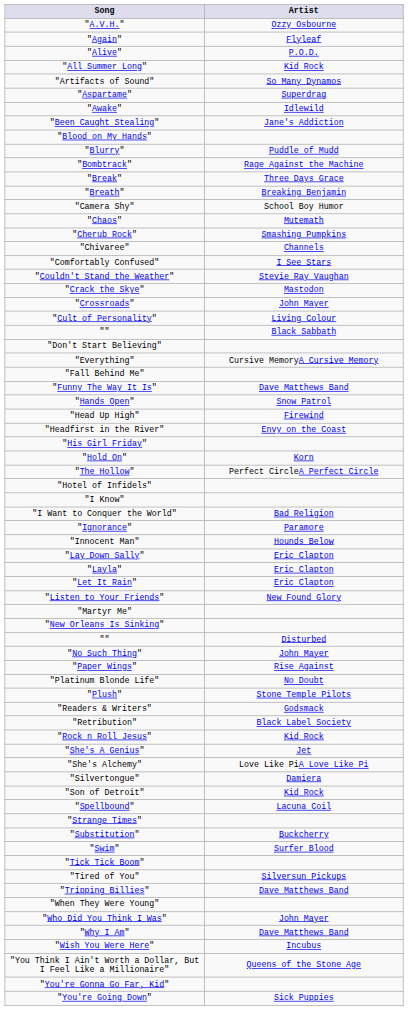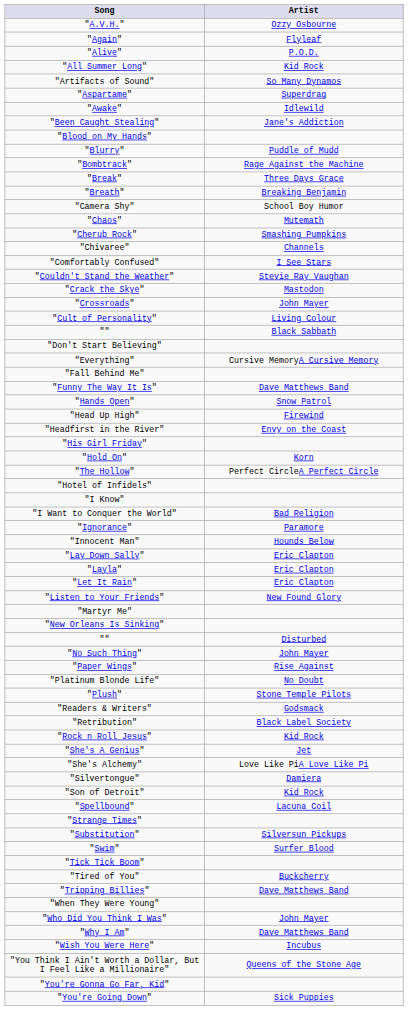 <table class="wikitable sortable" style="font-size:90%; text-align:center; margin: 5px;">
 <tr>
 <th style="background:#dde; width:275px;">Song</th>
 <th style="background:#dde; width:275px;">Artist</th>
 </tr>
 <tr>
 <td>"<a href='#'>A.V.H.</a>"</td>
 <td><a href='#'>Ozzy Osbourne</a></td>
 </tr>
 <tr>
 <td>"<a href='#'>Again</a>"</td>
 <td><a href='#'>Flyleaf</a></td>
 </tr>
 <tr>
 <td>"<a href='#'>Alive</a>"</td>
 <td><a href='#'>P.O.D.</a></td>
 </tr>
 <tr>
 <td>"<a href='#'>All Summer Long</a>"</td>
 <td><a href='#'>Kid Rock</a></td>
 </tr>
 <tr>
 <td>"Artifacts of Sound"</td>
 <td><a href='#'>So Many Dynamos</a></td>
 </tr>
 <tr>
 <td>"<a href='#'>Aspartame</a>"</td>
 <td><a href='#'>Superdrag</a></td>
 </tr>
 <tr>
 <td>"<a href='#'>Awake</a>"</td>
 <td><a href='#'>Idlewild</a></td>
 </tr>
 <tr>
 <td>"<a href='#'>Been Caught Stealing</a>"</td>
 <td><a href='#'>Jane's Addiction</a></td>
 </tr>
 <tr>
 <td>"<a href='#'>Blood on My Hands</a>"</td>
 <td></td>
 </tr>
 <tr>
 <td>"<a href='#'>Blurry</a>"</td>
 <td><a href='#'>Puddle of Mudd</a></td>
 </tr>
 <tr>
 <td>"<a href='#'>Bombtrack</a>"</td>
 <td><a href='#'>Rage Against the Machine</a></td>
 </tr>
 <tr>
 <td>"<a href='#'>Break</a>"</td>
 <td><a href='#'>Three Days Grace</a></td>
 </tr>
 <tr>
 <td>"<a href='#'>Breath</a>"</td>
 <td><a href='#'>Breaking Benjamin</a></td>
 </tr>
 <tr>
 <td>"Camera Shy"</td>
 <td>School Boy Humor</td>
 </tr>
 <tr>
 <td>"<a href='#'>Chaos</a>"</td>
 <td><a href='#'>Mutemath</a></td>
 </tr>
 <tr>
 <td>"<a href='#'>Cherub Rock</a>"</td>
 <td><a href='#'>Smashing Pumpkins</a></td>
 </tr>
 <tr>
 <td>"Chivaree"</td>
 <td><a href='#'>Channels</a></td>
 </tr>
 <tr>
 <td>"Comfortably Confused"</td>
 <td><a href='#'>I See Stars</a></td>
 </tr>
 <tr>
 <td>"<a href='#'>Couldn't Stand the Weather</a>"</td>
 <td><a href='#'>Stevie Ray Vaughan</a></td>
 </tr>
 <tr>
 <td>"<a href='#'>Crack the Skye</a>"</td>
 <td><a href='#'>Mastodon</a></td>
 </tr>
 <tr>
 <td>"<a href='#'>Crossroads</a>"</td>
 <td><a href='#'>John Mayer</a></td>
 </tr>
 <tr>
 <td>"<a href='#'>Cult of Personality</a>"</td>
 <td><a href='#'>Living Colour</a></td>
 </tr>
 <tr>
 <td>""</td>
 <td><a href='#'>Black Sabbath</a></td>
 </tr>
 <tr>
 <td>"Don't Start Believing"</td>
 <td></td>
 </tr>
 <tr>
 <td>"Everything"</td>
 <td><span>Cursive Memory</span><a href='#'>A Cursive Memory</a></td>
 </tr>
 <tr>
 <td>"Fall Behind Me"</td>
 <td></td>
 </tr>
 <tr>
 <td>"<a href='#'>Funny The Way It Is</a>"</td>
 <td><a href='#'>Dave Matthews Band</a></td>
 </tr>
 <tr>
 <td>"<a href='#'>Hands Open</a>"</td>
 <td><a href='#'>Snow Patrol</a></td>
 </tr>
 <tr>
 <td>"Head Up High"</td>
 <td><a href='#'>Firewind</a></td>
 </tr>
 <tr>
 <td>"Headfirst in the River"</td>
 <td><a href='#'>Envy on the Coast</a></td>
 </tr>
 <tr>
 <td>"<a href='#'>His Girl Friday</a>"</td>
 <td></td>
 </tr>
 <tr>
 <td>"<a href='#'>Hold On</a>"</td>
 <td><a href='#'>Korn</a></td>
 </tr>
 <tr>
 <td>"<a href='#'>The Hollow</a>"</td>
 <td><span>Perfect Circle</span><a href='#'>A Perfect Circle</a></td>
 </tr>
 <tr>
 <td>"Hotel of Infidels"</td>
 <td></td>
 </tr>
 <tr>
 <td>"I Know"</td>
 <td></td>
 </tr>
 <tr>
 <td>"I Want to Conquer the World"</td>
 <td><a href='#'>Bad Religion</a></td>
 </tr>
 <tr>
 <td>"<a href='#'>Ignorance</a>"</td>
 <td><a href='#'>Paramore</a></td>
 </tr>
 <tr>
 <td>"Innocent Man"</td>
 <td><a href='#'>Hounds Below</a></td>
 </tr>
 <tr>
 <td>"<a href='#'>Lay Down Sally</a>"</td>
 <td><a href='#'>Eric Clapton</a></td>
 </tr>
 <tr>
 <td>"<a href='#'>Layla</a>"</td>
 <td><a href='#'>Eric Clapton</a></td>
 </tr>
 <tr>
 <td>"<a href='#'>Let It Rain</a>"</td>
 <td><a href='#'>Eric Clapton</a></td>
 </tr>
 <tr>
 <td>"<a href='#'>Listen to Your Friends</a>"</td>
 <td><a href='#'>New Found Glory</a></td>
 </tr>
 <tr>
 <td>"Martyr Me"</td>
 <td></td>
 </tr>
 <tr>
 <td>"<a href='#'>New Orleans Is Sinking</a>"</td>
 <td></td>
 </tr>
 <tr>
 <td>""</td>
 <td><a href='#'>Disturbed</a></td>
 </tr>
 <tr>
 <td>"<a href='#'>No Such Thing</a>"</td>
 <td><a href='#'>John Mayer</a></td>
 </tr>
 <tr>
 <td>"<a href='#'>Paper Wings</a>"</td>
 <td><a href='#'>Rise Against</a></td>
 </tr>
 <tr>
 <td>"Platinum Blonde Life"</td>
 <td><a href='#'>No Doubt</a></td>
 </tr>
 <tr>
 <td>"<a href='#'>Plush</a>"</td>
 <td><a href='#'>Stone Temple Pilots</a></td>
 </tr>
 <tr>
 <td>"Readers & Writers"</td>
 <td><a href='#'>Godsmack</a></td>
 </tr>
 <tr>
 <td>"Retribution"</td>
 <td><a href='#'>Black Label Society</a></td>
 </tr>
 <tr>
 <td>"<a href='#'>Rock n Roll Jesus</a>"</td>
 <td><a href='#'>Kid Rock</a></td>
 </tr>
 <tr>
 <td>"<a href='#'>She's A Genius</a>"</td>
 <td><a href='#'>Jet</a></td>
 </tr>
 <tr>
 <td>"She's Alchemy"</td>
 <td><span>Love Like Pi</span><a href='#'>A Love Like Pi</a></td>
 </tr>
 <tr>
 <td>"Silvertongue"</td>
 <td><a href='#'>Damiera</a></td>
 </tr>
 <tr>
 <td>"Son of Detroit"</td>
 <td><a href='#'>Kid Rock</a></td>
 </tr>
 <tr>
 <td>"<a href='#'>Spellbound</a>"</td>
 <td><a href='#'>Lacuna Coil</a></td>
 </tr>
 <tr>
 <td>"<a href='#'>Strange Times</a>"</td>
 <td></td>
 </tr>
 <tr>
 <td>"<a href='#'>Substitution</a>"</td>
-<td><a href='#'>Buckcherry</a></td>
+<td><a href='#'>Silversun Pickups</a></td>
 </tr>
 <tr>
 <td>"<a href='#'>Swim</a>"</td>
 <td><a href='#'>Surfer Blood</a></td>
 </tr>
 <tr>
 <td>"<a href='#'>Tick Tick Boom</a>"</td>
 <td></td>
 </tr>
 <tr>
 <td>"Tired of You"</td>
-<td><a href='#'>Silversun Pickups</a></td>
+<td><a href='#'>Buckcherry</a></td>
 </tr>
 <tr>
 <td>"<a href='#'>Tripping Billies</a>"</td>
 <td><a href='#'>Dave Matthews Band</a></td>
 </tr>
 <tr>
 <td>"When They Were Young"</td>
 <td></td>
 </tr>
 <tr>
 <td>"<a href='#'>Who Did You Think I Was</a>"</td>
 <td><a href='#'>John Mayer</a></td>
 </tr>
 <tr>
 <td>"<a href='#'>Why I Am</a>"</td>
 <td><a href='#'>Dave Matthews Band</a></td>
 </tr>
 <tr>
 <td>"<a href='#'>Wish You Were Here</a>"</td>
 <td><a href='#'>Incubus</a></td>
 </tr>
 <tr>
 <td>"You Think I Ain't Worth a Dollar, But I Feel Like a Millionaire"</td>
 <td><a href='#'>Queens of the Stone Age</a></td>
 </tr>
 <tr>
 <td>"<a href='#'>You're Gonna Go Far, Kid</a>"</td>
 <td></td>
 </tr>
 <tr>
 <td>"<a href='#'>You're Going Down</a>"</td>
 <td><a href='#'>Sick Puppies</a></td>
 </tr>
 </table>
